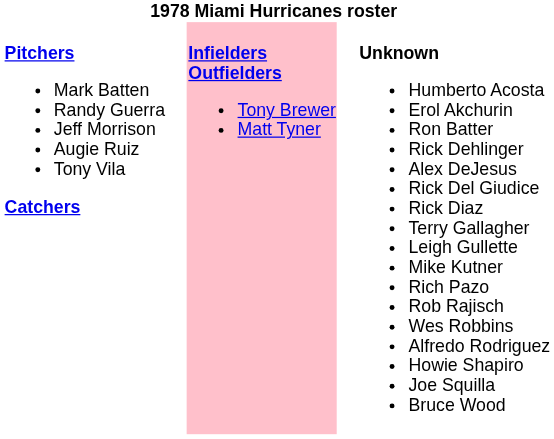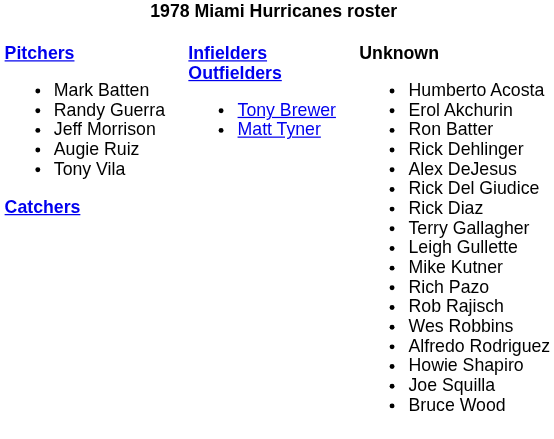 <table class="toccolours" style="border-collapse:collapse; font-size:90%;">
 <tr>
 <th colspan=9>1978 Miami Hurricanes roster</th>
 </tr>
 <tr>
 <td width="03"> </td>
 <td valign="top"><br><strong><a href='#'>Pitchers</a></strong><ul><li>Mark Batten</li><li>Randy Guerra</li><li>Jeff Morrison</li><li>Augie Ruiz</li><li>Tony Vila</li></ul><strong><a href='#'>Catchers</a></strong></td>
 <td width="15"> </td>
-<td valign="top" style="background: pink;"><br><strong><a href='#'>Infielders</a></strong><br><strong><a href='#'>Outfielders</a></strong><ul><li><a href='#'>Tony Brewer</a></li><li><a href='#'>Matt Tyner</a></li></ul></td>
+<td valign="top"><br><strong><a href='#'>Infielders</a></strong><br><strong><a href='#'>Outfielders</a></strong><ul><li><a href='#'>Tony Brewer</a></li><li><a href='#'>Matt Tyner</a></li></ul></td>
 <td width="15"> </td>
 <td valign="top"><br><strong>Unknown</strong><ul><li>Humberto Acosta</li><li>Erol Akchurin</li><li>Ron Batter</li><li>Rick Dehlinger</li><li>Alex DeJesus</li><li>Rick Del Giudice</li><li>Rick Diaz</li><li>Terry Gallagher</li><li>Leigh Gullette</li><li>Mike Kutner</li><li>Rich Pazo</li><li>Rob Rajisch</li><li>Wes Robbins</li><li>Alfredo Rodriguez</li><li>Howie Shapiro</li><li>Joe Squilla</li><li>Bruce Wood</li></ul></td>
 </tr>
 </table>
